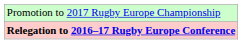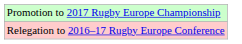 <table class="wikitable">
 <tr width=10px bgcolor="#ccffcc">
 <td>Promotion to <a href='#'>2017 Rugby Europe Championship</a></td>
 </tr>
 <tr width=10px bgcolor="#FFCCCC">
-<td><strong>Relegation to <a href='#'>2016–17 Rugby Europe Conference</a></strong></td>
+<td>Relegation to <a href='#'>2016–17 Rugby Europe Conference</a></td>
 </tr>
 </table>
